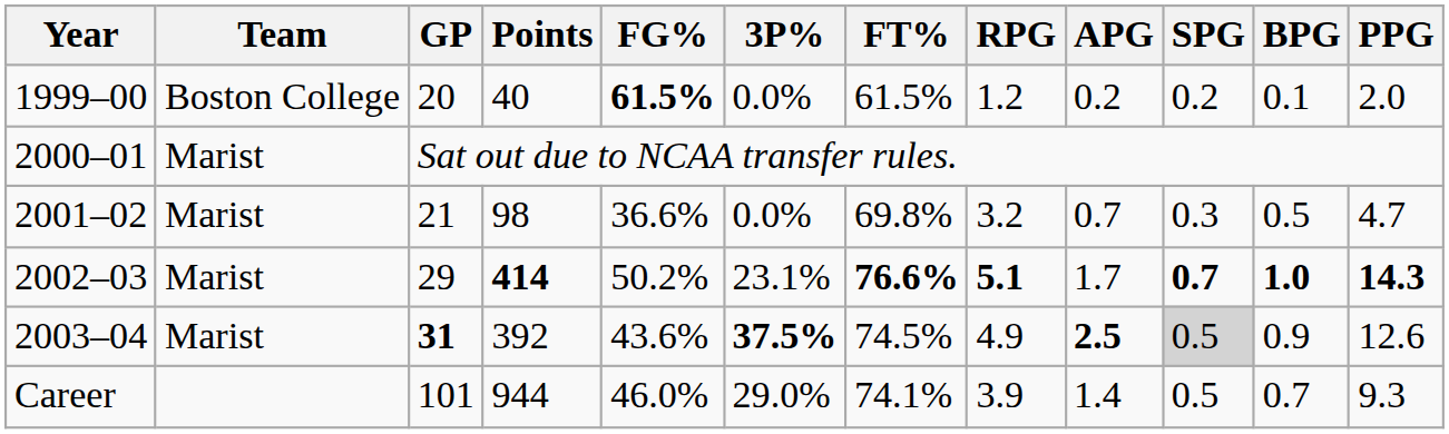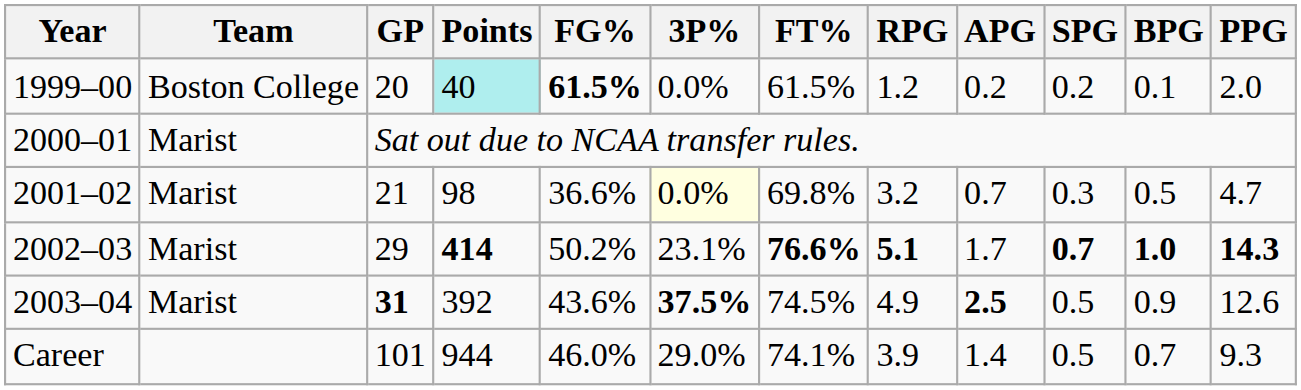 <table class="wikitable">
 <tr>
 <th>Year</th>
 <th>Team</th>
 <th>GP</th>
 <th>Points</th>
 <th>FG%</th>
 <th>3P%</th>
 <th>FT%</th>
 <th>RPG</th>
 <th>APG</th>
 <th>SPG</th>
 <th>BPG</th>
 <th>PPG</th>
 </tr>
 <tr>
 <td>1999–00</td>
 <td>Boston College</td>
 <td>20</td>
-<td>40</td>
+<td style="background: paleturquoise;">40</td>
 <td><strong>61.5%</strong></td>
 <td>0.0%</td>
 <td>61.5%</td>
 <td>1.2</td>
 <td>0.2</td>
 <td>0.2</td>
 <td>0.1</td>
 <td>2.0</td>
 </tr>
 <tr>
 <td>2000–01</td>
 <td>Marist</td>
 <td colspan="10"><em>Sat out due to NCAA transfer rules.</em></td>
 </tr>
 <tr>
 <td>2001–02</td>
 <td>Marist</td>
 <td>21</td>
 <td>98</td>
 <td>36.6%</td>
-<td>0.0%</td>
+<td style="background: lightyellow;">0.0%</td>
 <td>69.8%</td>
 <td>3.2</td>
 <td>0.7</td>
 <td>0.3</td>
 <td>0.5</td>
 <td>4.7</td>
 </tr>
 <tr>
 <td>2002–03</td>
 <td>Marist</td>
 <td>29</td>
 <td><strong>414</strong></td>
 <td>50.2%</td>
 <td>23.1%</td>
 <td><strong>76.6%</strong></td>
 <td><strong>5.1</strong></td>
 <td>1.7</td>
 <td><strong>0.7</strong></td>
 <td><strong>1.0</strong></td>
 <td><strong>14.3</strong></td>
 </tr>
 <tr>
 <td>2003–04</td>
 <td>Marist</td>
 <td><strong>31</strong></td>
 <td>392</td>
 <td>43.6%</td>
 <td><strong>37.5%</strong></td>
 <td>74.5%</td>
 <td>4.9</td>
 <td><strong>2.5</strong></td>
-<td style="background: lightgrey;">0.5</td>
+<td>0.5</td>
 <td>0.9</td>
 <td>12.6</td>
 </tr>
 <tr>
 <td>Career</td>
 <td></td>
 <td>101</td>
 <td>944</td>
 <td>46.0%</td>
 <td>29.0%</td>
 <td>74.1%</td>
 <td>3.9</td>
 <td>1.4</td>
 <td>0.5</td>
 <td>0.7</td>
 <td>9.3</td>
 </tr>
 </table>
